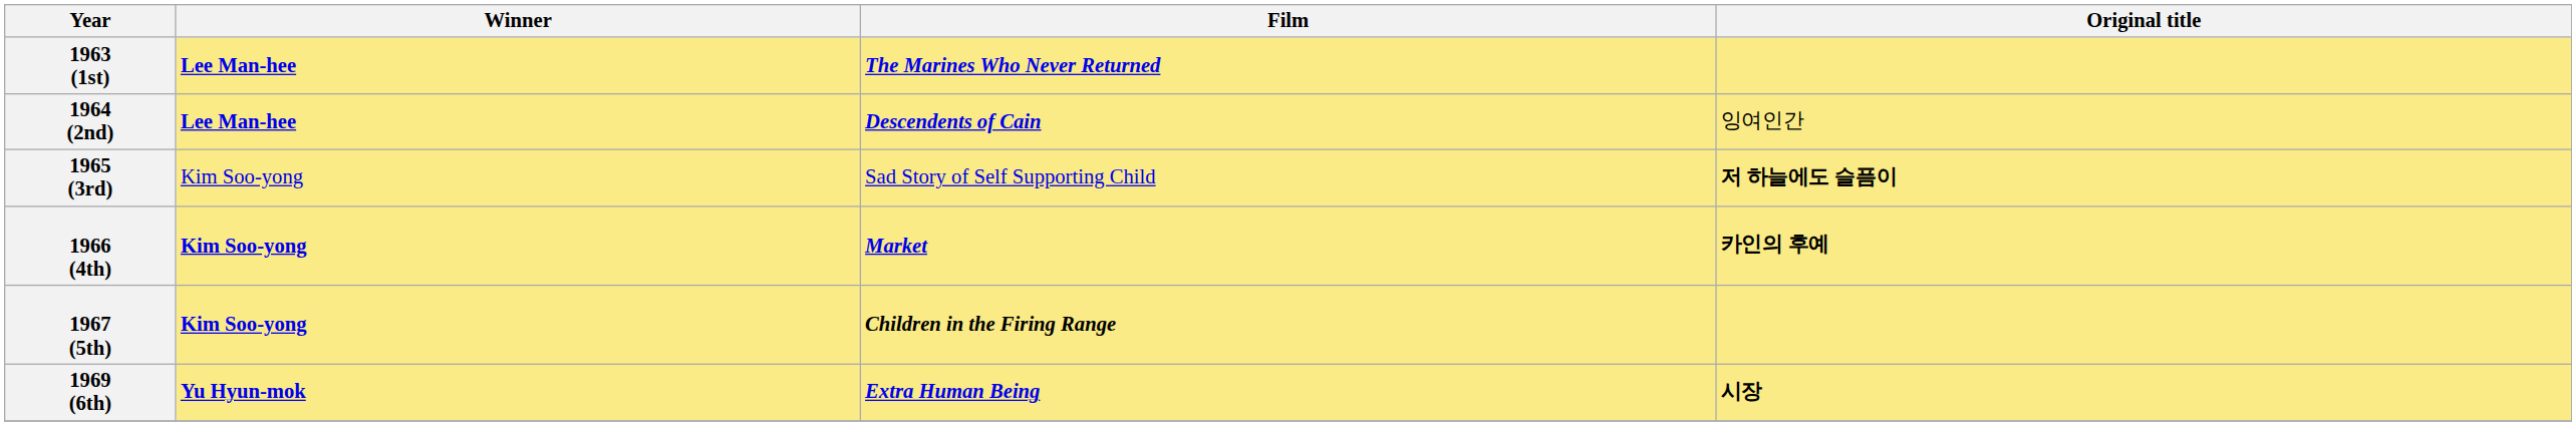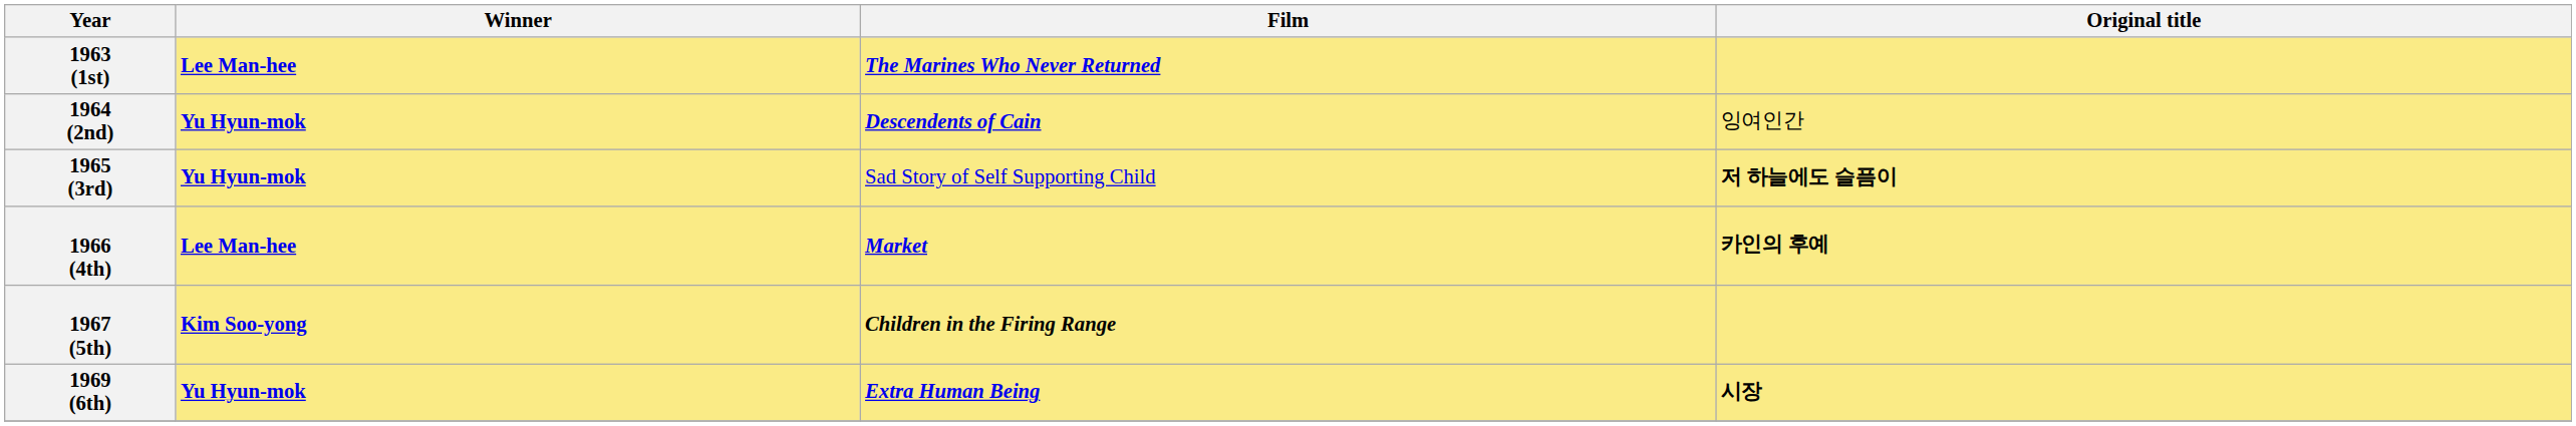 <table class="wikitable" style="width:100%;" cellpadding="6">
 <tr>
 <th style="width:5%;">Year</th>
 <th style="width:20%;">Winner</th>
 <th style="width:25%;">Film</th>
 <th style="width:25%;">Original title</th>
 </tr>
 <tr>
 <th><div>1963<br>(1st) </div></th>
 <td style="background:#FAEB86;"><a href='#'><strong>Lee Man-hee</strong></a> <strong><em></em></strong></td>
 <td style="background:#FAEB86;"><strong><em><a href='#'>The Marines Who Never Returned</a></em></strong></td>
 <td style="background:#FAEB86;"></td>
 </tr>
 <tr>
 <th>1964<br>(2nd)</th>
-<td style="background:#FAEB86;"><a href='#'><strong>Lee Man-hee</strong></a> <strong><em></em></strong></td>
+<td style="background:#FAEB86;"><strong><a href='#'>Yu Hyun-mok</a></strong> <strong><em></em></strong></td>
 <td style="background:#FAEB86;"><strong><em><a href='#'>Descendents of Cain</a></em></strong></td>
 <td style="background:#FAEB86;"></strong>잉여인간<strong></td>
 </tr>
 <tr>
 <th>1965<br>(3rd)</th>
-<td style="background:#FAEB86;"></strong><a href='#'>Kim Soo-yong</a><strong> </em></strong><strong><em></td>
+<td style="background:#FAEB86;"><strong><a href='#'>Yu Hyun-mok</a></strong> <strong><em></em></strong></td>
 <td style="background:#FAEB86;"><strong></em></strong><a href='#'>Sad Story of Self Supporting Child</a></strong> </em></strong></td>
 <td style="background:#FAEB86;"><strong>저 하늘에도 슬픔이</strong></td>
 </tr>
 <tr>
 <th><div><br>1966<br>(4th) </div></th>
-<td style="background:#FAEB86;"><strong><a href='#'>Kim Soo-yong</a></strong> <strong><em></em></strong></td>
+<td style="background:#FAEB86;"><a href='#'><strong>Lee Man-hee</strong></a> <strong><em></em></strong></td>
 <td style="background:#FAEB86;"><em><a href='#'><strong>Market</strong></a> </em></td>
 <td style="background:#FAEB86;"><strong>카인의 후예</strong></td>
 </tr>
 <tr>
 <th><div><br>1967<br>(5th) </div></th>
 <td style="background:#FAEB86;"><strong><a href='#'>Kim Soo-yong</a></strong> <strong><em></em></strong></td>
 <td style="background:#FAEB86;"><strong><em>Children in the Firing Range</em></strong></td>
 <td style="background:#FAEB86;"></td>
 </tr>
 <tr>
 <th>1969<br>(6th)</th>
 <td style="background:#FAEB86;"><strong><a href='#'>Yu Hyun-mok</a></strong> <strong><em></em></strong></td>
 <td style="background:#FAEB86;"><strong><em><a href='#'>Extra Human Being</a><strong> <em></td>
 <td style="background:#FAEB86;"><strong>시장</strong></td>
 </tr>
 <tr>
 </tr>
 </table>
